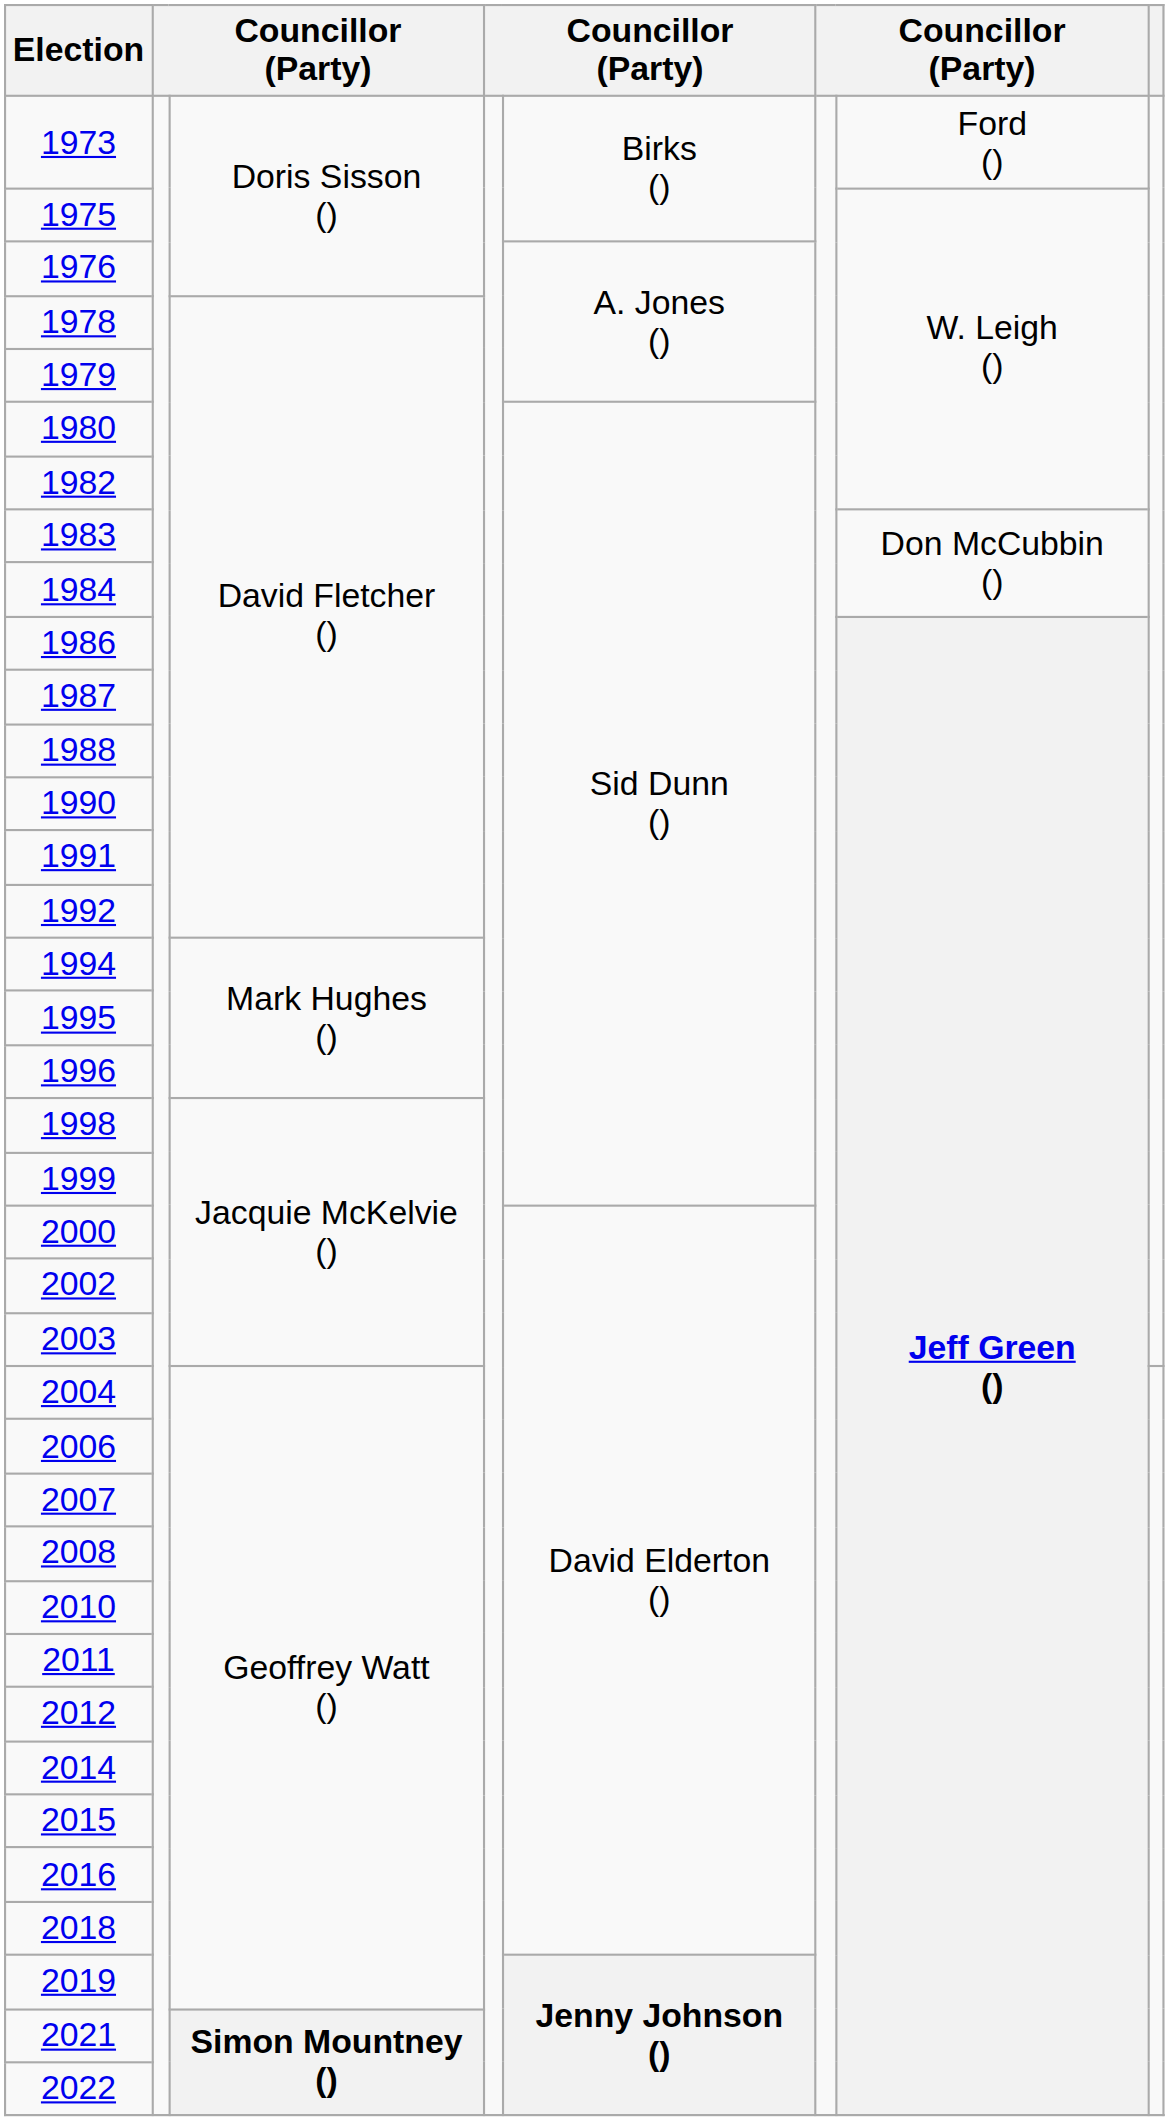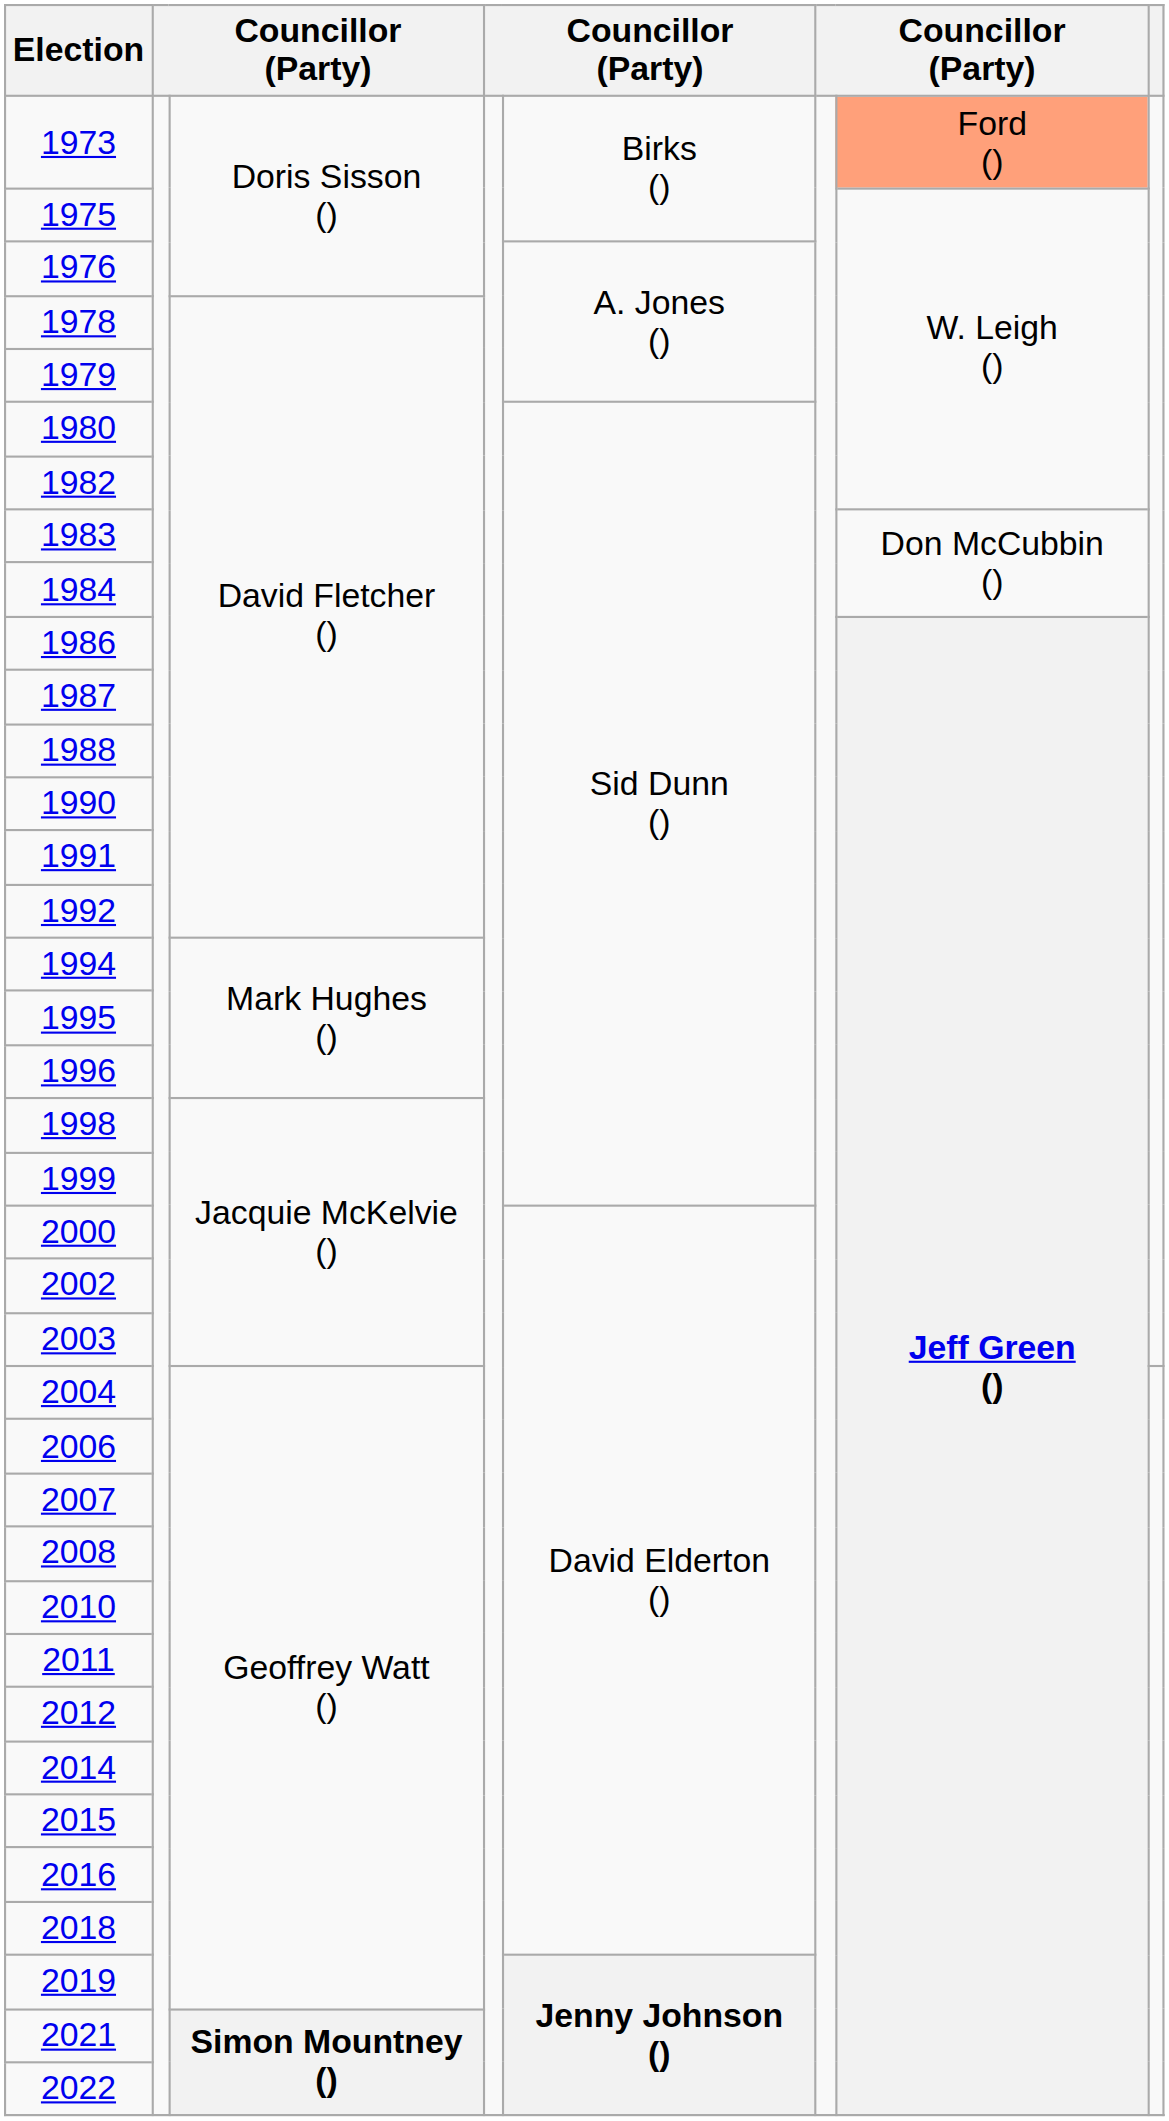 <table class="wikitable" style="text-align:center">
 <tr>
 <th>Election</th>
 <th scope="col" width="150" colspan = "2">Councillor<br> (Party)</th>
 <th scope="col" width="150" colspan = "2">Councillor<br> (Party)</th>
 <th scope="col" width="150" colspan = "2">Councillor<br> (Party)</th>
 <th></th>
 </tr>
 <tr>
 <td><a href='#'>1973</a></td>
 <td rowspan=37 style="background-color: "></td>
 <td rowspan=3>Doris Sisson<br>(<a href='#'></a>)</td>
 <td rowspan=37 style="background-color: "></td>
 <td rowspan=2>Birks<br>(<a href='#'></a>)</td>
 <td rowspan=37 style="background-color: "></td>
-<td rowspan=1>Ford<br>(<a href='#'></a>)</td>
+<td rowspan=1 style="background: lightsalmon;">Ford<br>(<a href='#'></a>)</td>
 <td rowspan=23></td>
 </tr>
 <tr>
 <td><a href='#'>1975</a></td>
 <td rowspan=6>W. Leigh<br>(<a href='#'></a>)</td>
 </tr>
 <tr>
 <td><a href='#'>1976</a></td>
 <td rowspan=3>A. Jones<br>(<a href='#'></a>)</td>
 </tr>
 <tr>
 <td><a href='#'>1978</a></td>
 <td rowspan=12>David Fletcher<br>(<a href='#'></a>)</td>
 </tr>
 <tr>
 <td><a href='#'>1979</a></td>
 </tr>
 <tr>
 <td><a href='#'>1980</a></td>
 <td rowspan=15>Sid Dunn<br>(<a href='#'></a>)</td>
 </tr>
 <tr>
 <td><a href='#'>1982</a></td>
 </tr>
 <tr>
 <td><a href='#'>1983</a></td>
 <td rowspan=2>Don McCubbin<br>(<a href='#'></a>)</td>
 </tr>
 <tr>
 <td><a href='#'>1984</a></td>
 </tr>
 <tr>
 <td><a href='#'>1986</a></td>
 <th rowspan=28><a href='#'>Jeff Green</a><br>(<a href='#'></a>)</th>
 </tr>
 <tr>
 <td><a href='#'>1987</a></td>
 </tr>
 <tr>
 <td><a href='#'>1988</a></td>
 </tr>
 <tr>
 <td><a href='#'>1990</a></td>
 </tr>
 <tr>
 <td><a href='#'>1991</a></td>
 </tr>
 <tr>
 <td><a href='#'>1992</a></td>
 </tr>
 <tr>
 <td><a href='#'>1994</a></td>
 <td rowspan=3>Mark Hughes<br>(<a href='#'></a>)</td>
 </tr>
 <tr>
 <td><a href='#'>1995</a></td>
 </tr>
 <tr>
 <td><a href='#'>1996</a></td>
 </tr>
 <tr>
 <td><a href='#'>1998</a></td>
 <td rowspan=5>Jacquie McKelvie<br>(<a href='#'></a>)</td>
 </tr>
 <tr>
 <td><a href='#'>1999</a></td>
 </tr>
 <tr>
 <td><a href='#'>2000</a></td>
 <td rowspan=14>David Elderton<br>(<a href='#'></a>)</td>
 </tr>
 <tr>
 <td><a href='#'>2002</a></td>
 </tr>
 <tr>
 <td><a href='#'>2003</a></td>
 </tr>
 <tr>
 <td><a href='#'>2004</a></td>
 <td rowspan=12>Geoffrey Watt<br>(<a href='#'></a>)</td>
 <td rowspan=14></td>
 </tr>
 <tr>
 <td><a href='#'>2006</a></td>
 </tr>
 <tr>
 <td><a href='#'>2007</a></td>
 </tr>
 <tr>
 <td><a href='#'>2008</a></td>
 </tr>
 <tr>
 <td><a href='#'>2010</a></td>
 </tr>
 <tr>
 <td><a href='#'>2011</a></td>
 </tr>
 <tr>
 <td><a href='#'>2012</a></td>
 </tr>
 <tr>
 <td><a href='#'>2014</a></td>
 </tr>
 <tr>
 <td><a href='#'>2015</a></td>
 </tr>
 <tr>
 <td><a href='#'>2016</a></td>
 </tr>
 <tr>
 <td><a href='#'>2018</a></td>
 </tr>
 <tr>
 <td><a href='#'>2019</a></td>
 <th rowspan=3>Jenny Johnson<br>(<a href='#'></a>)</th>
 </tr>
 <tr>
 <td><a href='#'>2021</a></td>
 <th rowspan=2>Simon Mountney<br>(<a href='#'></a>)</th>
 </tr>
 <tr>
 <td><a href='#'>2022</a></td>
 </tr>
 <tr>
 </tr>
 </table>
